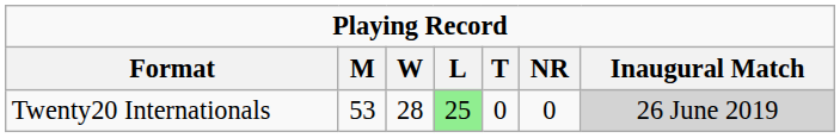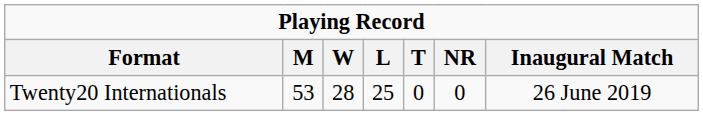 <table class="wikitable" style="text-align: center; width: 500px;">
 <tr>
 <td colspan=7 align="center"><strong>Playing Record</strong></td>
 </tr>
 <tr>
 <th>Format</th>
 <th>M</th>
 <th>W</th>
 <th>L</th>
 <th>T</th>
 <th>NR</th>
 <th>Inaugural Match</th>
 </tr>
 <tr>
 <td align="left">Twenty20 Internationals</td>
 <td>53</td>
 <td>28</td>
-<td style="background: lightgreen;">25</td>
+<td>25</td>
 <td>0</td>
 <td>0</td>
-<td style="background: lightgrey;">26 June 2019</td>
+<td>26 June 2019</td>
 </tr>
 </table>
